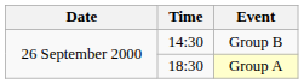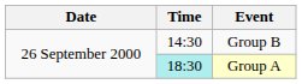 <table class = "wikitable" style="text-align:center;">
 <tr>
 <th width=150>Date</th>
 <th width=50>Time</th>
 <th width=80>Event</th>
 </tr>
 <tr>
 <td rowspan=2>26 September 2000</td>
 <td>14:30</td>
 <td>Group B</td>
 </tr>
 <tr>
-<td>18:30</td>
+<td style="background: paleturquoise;">18:30</td>
 <td bgcolor=ffffcc>Group A</td>
 </tr>
 </table>
